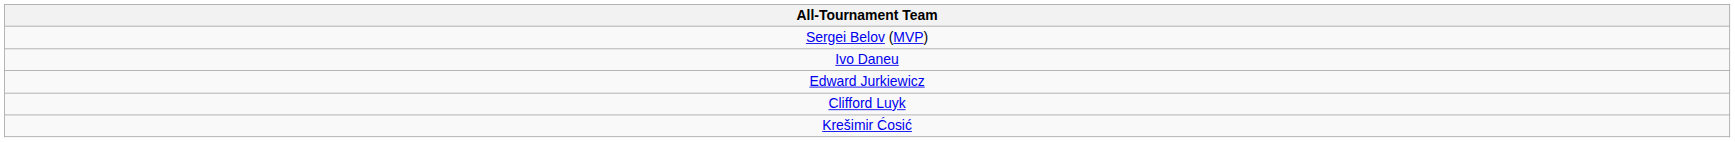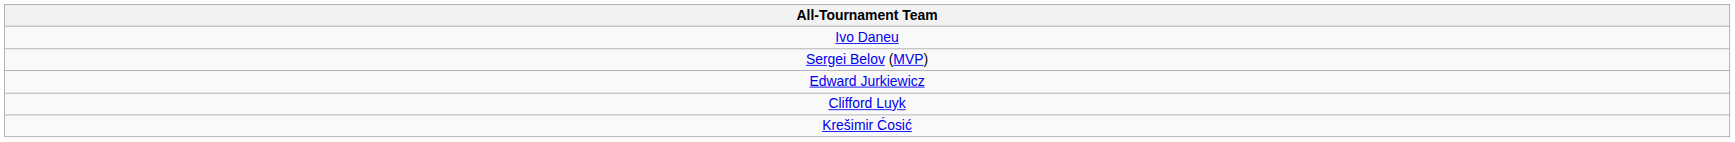 <table | class="wikitable sortable" style="text-align:center; width: 100%;">
 <tr>
 <th>All-Tournament Team</th>
 </tr>
 <tr>
-<td> <a href='#'>Sergei Belov</a> (<a href='#'>MVP</a>)</td>
+<td> <a href='#'>Ivo Daneu</a></td>
 </tr>
 <tr>
-<td> <a href='#'>Ivo Daneu</a></td>
+<td> <a href='#'>Sergei Belov</a> (<a href='#'>MVP</a>)</td>
 </tr>
 <tr>
 <td> <a href='#'>Edward Jurkiewicz</a></td>
 </tr>
 <tr>
 <td> <a href='#'>Clifford Luyk</a></td>
 </tr>
 <tr>
 <td> <a href='#'>Krešimir Ćosić</a></td>
 </tr>
 </table>
